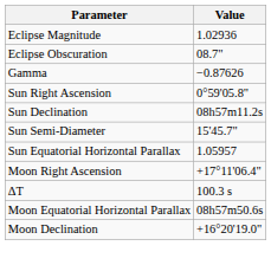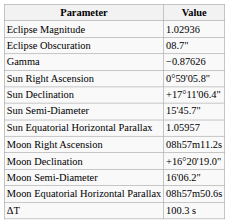 <table class="wikitable">
 <tr>
 <th>Parameter</th>
 <th>Value</th>
 </tr>
 <tr>
 <td>Eclipse Magnitude</td>
 <td>1.02936</td>
 </tr>
 <tr>
 <td>Eclipse Obscuration</td>
 <td>08.7"</td>
 </tr>
 <tr>
 <td>Gamma</td>
 <td>−0.87626</td>
 </tr>
 <tr>
 <td>Sun Right Ascension</td>
 <td>0°59'05.8"</td>
 </tr>
 <tr>
 <td>Sun Declination</td>
-<td>08h57m11.2s</td>
+<td>+17°11'06.4"</td>
 </tr>
 <tr>
 <td>Sun Semi-Diameter</td>
 <td>15'45.7"</td>
 </tr>
 <tr>
 <td>Sun Equatorial Horizontal Parallax</td>
 <td>1.05957</td>
 </tr>
 <tr>
 <td>Moon Right Ascension</td>
-<td>+17°11'06.4"</td>
+<td>08h57m11.2s</td>
 </tr>
 <tr>
-<td>ΔT</td>
-<td>100.3 s</td>
+<td>Moon Declination</td>
+<td>+16°20'19.0"</td>
+</tr>
+<tr>
+<td>Moon Semi-Diameter</td>
+<td>16'06.2"</td>
 </tr>
 <tr>
 <td>Moon Equatorial Horizontal Parallax</td>
 <td>08h57m50.6s</td>
 </tr>
 <tr>
-<td>Moon Declination</td>
-<td>+16°20'19.0"</td>
+<td>ΔT</td>
+<td>100.3 s</td>
 </tr>
 </table>
